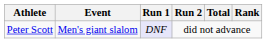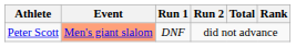 <table class="wikitable">
 <tr>
 <th>Athlete</th>
 <th>Event</th>
 <th>Run 1</th>
 <th>Run 2</th>
 <th>Total</th>
 <th>Rank</th>
 </tr>
 <tr>
 <td><a href='#'>Peter Scott</a></td>
-<td align="center"><a href='#'>Men's giant slalom</a></td>
-<td align="center" style="background: lavender;"><em>DNF</em></td>
+<td align="center" style="background: lightsalmon;"><a href='#'>Men's giant slalom</a></td>
+<td align="center"><em>DNF</em></td>
 <td align="center" colspan="3">did not advance</td>
 </tr>
 </table>
